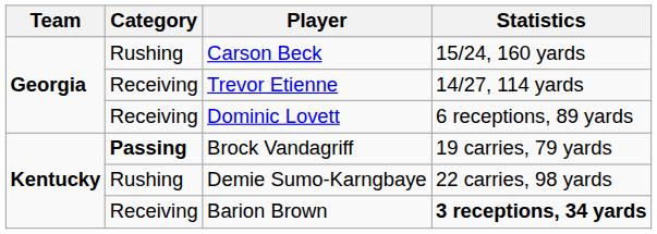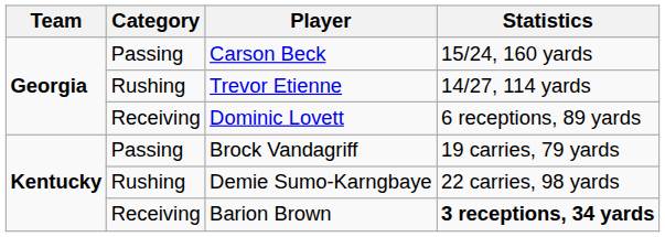 <table class="wikitable" style="float: right;">
 <tr>
 <th>Team</th>
 <th>Category</th>
 <th>Player</th>
 <th>Statistics</th>
 </tr>
 <tr>
 <td rowspan=3><strong>Georgia</strong></td>
-<td>Rushing</td>
+<td>Passing</td>
 <td><a href='#'>Carson Beck</a></td>
 <td>15/24, 160 yards</td>
 </tr>
 <tr>
-<td>Receiving</td>
+<td>Rushing</td>
 <td><a href='#'>Trevor Etienne</a></td>
 <td>14/27, 114 yards</td>
 </tr>
 <tr>
 <td>Receiving</td>
 <td><a href='#'>Dominic Lovett</a></td>
 <td>6 receptions, 89 yards</td>
 </tr>
 <tr>
 <td rowspan=3><strong>Kentucky</strong></td>
-<td><strong>Passing</strong></td>
+<td>Passing</td>
 <td>Brock Vandagriff</td>
 <td>19 carries, 79 yards</td>
 </tr>
 <tr>
 <td>Rushing</td>
 <td>Demie Sumo-Karngbaye</td>
 <td>22 carries, 98 yards</td>
 </tr>
 <tr>
 <td>Receiving</td>
 <td>Barion Brown</td>
 <td><strong>3 receptions, 34 yards</strong></td>
 </tr>
 </table>
